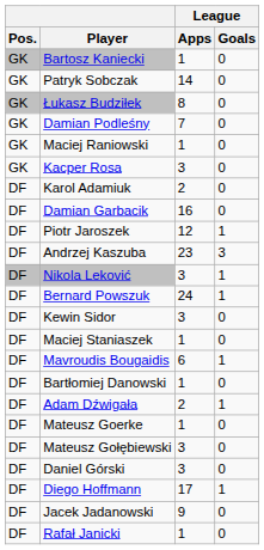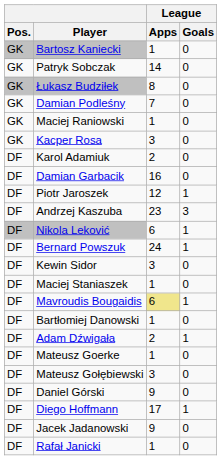 <table class="wikitable" style="display: inline-table;">
 <tr>
 <th colspan="2"></th>
 <th colspan="2">League</th>
 </tr>
 <tr>
 <th>Pos.</th>
 <th>Player</th>
 <th>Apps</th>
 <th>Goals</th>
 </tr>
 <tr>
 <td bgcolor=silver >GK</td>
 <td bgcolor=silver ><a href='#'>Bartosz Kaniecki</a></td>
 <td>1</td>
 <td>0</td>
 </tr>
 <tr>
 <td>GK</td>
 <td>Patryk Sobczak</td>
 <td>14</td>
 <td>0</td>
 </tr>
 <tr>
 <td bgcolor=silver >GK</td>
 <td bgcolor=silver ><a href='#'>Łukasz Budziłek</a></td>
 <td>8</td>
 <td>0</td>
 </tr>
 <tr>
 <td>GK</td>
 <td><a href='#'>Damian Podleśny</a></td>
 <td>7</td>
 <td>0</td>
 </tr>
 <tr>
 <td>GK</td>
 <td>Maciej Raniowski</td>
 <td>1</td>
 <td>0</td>
 </tr>
 <tr>
 <td>GK</td>
 <td><a href='#'>Kacper Rosa</a></td>
 <td>3</td>
 <td>0</td>
 </tr>
 <tr>
 <td>DF</td>
 <td>Karol Adamiuk</td>
 <td>2</td>
 <td>0</td>
 </tr>
 <tr>
 <td>DF</td>
 <td><a href='#'>Damian Garbacik</a></td>
 <td>16</td>
 <td>0</td>
 </tr>
 <tr>
 <td>DF</td>
 <td>Piotr Jaroszek</td>
 <td>12</td>
 <td>1</td>
 </tr>
 <tr>
 <td>DF</td>
 <td>Andrzej Kaszuba</td>
 <td>23</td>
 <td>3</td>
 </tr>
 <tr>
 <td bgcolor=silver >DF</td>
 <td bgcolor=silver ><a href='#'>Nikola Leković</a></td>
-<td>3</td>
+<td>6</td>
 <td>1</td>
 </tr>
 <tr>
 <td>DF</td>
 <td><a href='#'>Bernard Powszuk</a></td>
 <td>24</td>
 <td>1</td>
 </tr>
 <tr>
 <td>DF</td>
 <td>Kewin Sidor</td>
 <td>3</td>
 <td>0</td>
 </tr>
 <tr>
 <td>DF</td>
 <td>Maciej Staniaszek</td>
 <td>1</td>
 <td>0</td>
 </tr>
 <tr>
 <td>DF</td>
 <td><a href='#'>Mavroudis Bougaidis</a></td>
-<td>6</td>
+<td style="background: khaki;">6</td>
 <td>1</td>
 </tr>
 <tr>
 <td>DF</td>
 <td>Bartłomiej Danowski</td>
 <td>1</td>
 <td>0</td>
 </tr>
 <tr>
 <td>DF</td>
 <td><a href='#'>Adam Dźwigała</a></td>
 <td>2</td>
 <td>1</td>
 </tr>
 <tr>
 <td>DF</td>
 <td>Mateusz Goerke</td>
 <td>1</td>
 <td>0</td>
 </tr>
 <tr>
 <td>DF</td>
 <td>Mateusz Gołębiewski</td>
 <td>3</td>
 <td>0</td>
 </tr>
 <tr>
 <td>DF</td>
 <td>Daniel Górski</td>
-<td>3</td>
+<td>9</td>
 <td>0</td>
 </tr>
 <tr>
 <td>DF</td>
 <td><a href='#'>Diego Hoffmann</a></td>
 <td>17</td>
 <td>1</td>
 </tr>
 <tr>
 <td>DF</td>
 <td>Jacek Jadanowski</td>
 <td>9</td>
 <td>0</td>
 </tr>
 <tr>
 <td>DF</td>
 <td><a href='#'>Rafał Janicki</a></td>
 <td>1</td>
 <td>0</td>
 </tr>
 </table>
